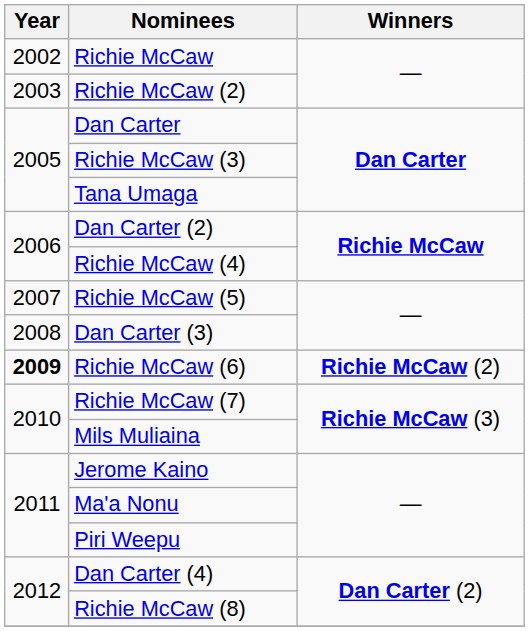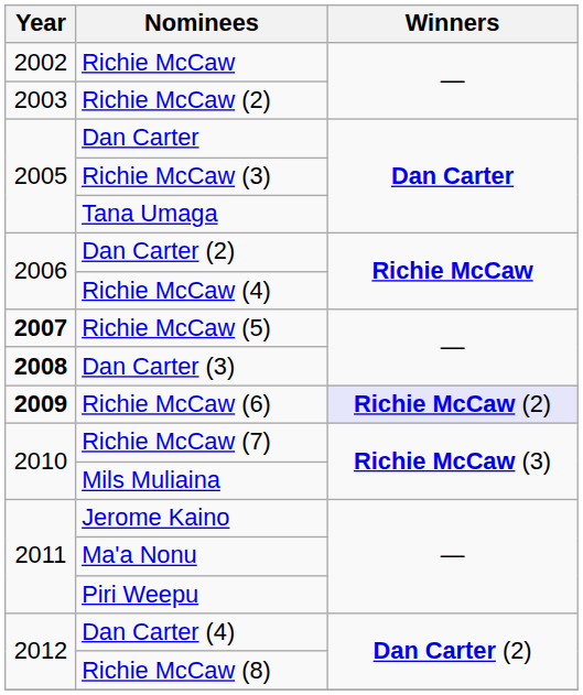 <table class="wikitable">
 <tr>
 <th width=40>Year</th>
 <th width=160>Nominees</th>
 <th width=160>Winners</th>
 </tr>
 <tr>
 <td align=center>2002</td>
 <td><a href='#'>Richie McCaw</a></td>
 <td align=center rowspan=2>—</td>
 </tr>
 <tr>
 <td align=center>2003</td>
 <td><a href='#'>Richie McCaw</a> (2)</td>
 </tr>
 <tr>
 <td align=center rowspan=3>2005</td>
 <td><a href='#'>Dan Carter</a></td>
 <td align=center rowspan=3><strong><a href='#'>Dan Carter</a></strong></td>
 </tr>
 <tr>
 <td><a href='#'>Richie McCaw</a> (3)</td>
 </tr>
 <tr>
 <td><a href='#'>Tana Umaga</a></td>
 </tr>
 <tr>
 <td align=center rowspan=2>2006</td>
 <td><a href='#'>Dan Carter</a> (2)</td>
 <td align=center rowspan=2><strong><a href='#'>Richie McCaw</a></strong></td>
 </tr>
 <tr>
 <td><a href='#'>Richie McCaw</a> (4)</td>
 </tr>
 <tr>
-<td align=center>2007</td>
+<td align=center><strong>2007</strong></td>
 <td><a href='#'>Richie McCaw</a> (5)</td>
 <td align=center rowspan=2>—</td>
 </tr>
 <tr>
-<td align=center>2008</td>
+<td align=center><strong>2008</strong></td>
 <td><a href='#'>Dan Carter</a> (3)</td>
 </tr>
 <tr>
 <td align=center><strong>2009</strong></td>
 <td><a href='#'>Richie McCaw</a> (6)</td>
-<td align=center><strong><a href='#'>Richie McCaw</a></strong> (2)</td>
+<td align=center style="background: lavender;"><strong><a href='#'>Richie McCaw</a></strong> (2)</td>
 </tr>
 <tr>
 <td align=center rowspan=2>2010</td>
 <td><a href='#'>Richie McCaw</a> (7)</td>
 <td align=center rowspan=2><strong><a href='#'>Richie McCaw</a></strong> (3)</td>
 </tr>
 <tr>
 <td><a href='#'>Mils Muliaina</a></td>
 </tr>
 <tr>
 <td align=center rowspan=3>2011</td>
 <td><a href='#'>Jerome Kaino</a></td>
 <td align=center rowspan=3>—</td>
 </tr>
 <tr>
 <td><a href='#'>Ma'a Nonu</a></td>
 </tr>
 <tr>
 <td><a href='#'>Piri Weepu</a></td>
 </tr>
 <tr>
 <td align=center rowspan=2>2012</td>
 <td><a href='#'>Dan Carter</a> (4)</td>
 <td align=center rowspan=2><strong><a href='#'>Dan Carter</a></strong> (2)</td>
 </tr>
 <tr>
 <td><a href='#'>Richie McCaw</a> (8)</td>
 </tr>
 <tr>
 </tr>
 </table>
